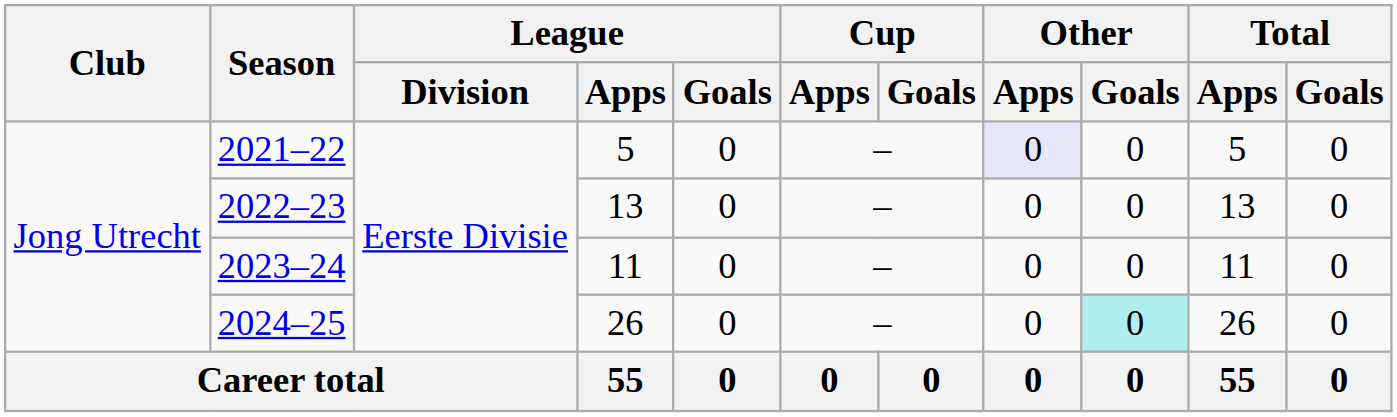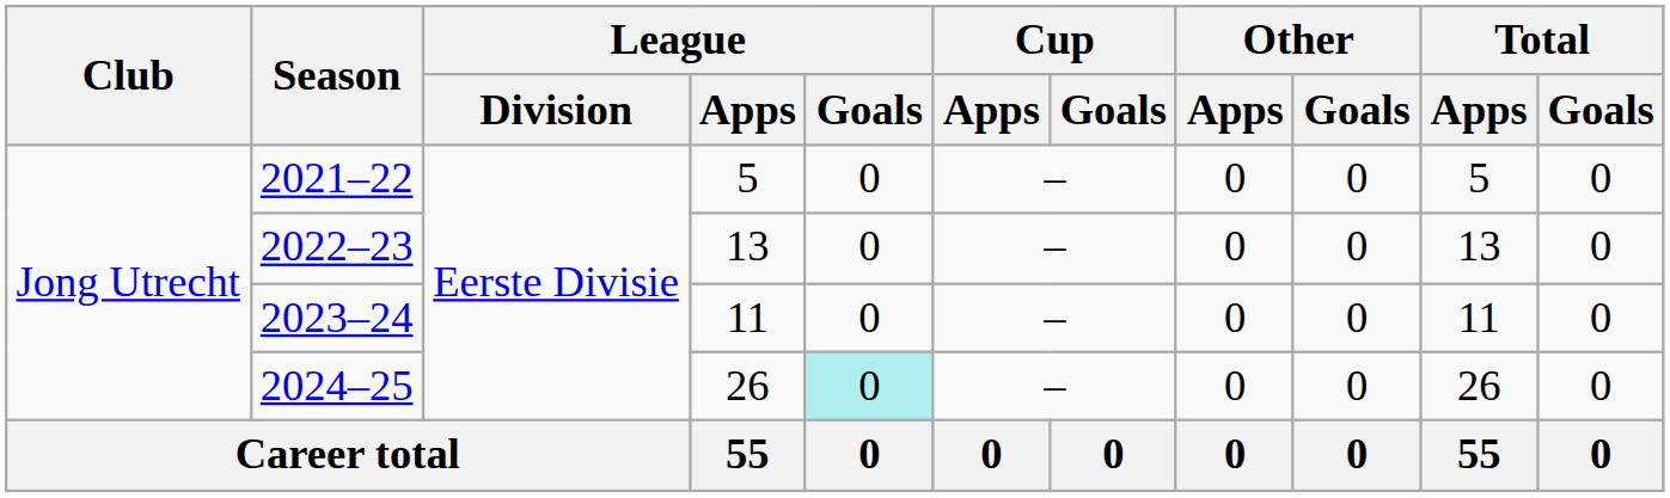 <table class="wikitable" style="text-align:center">
 <tr>
 <th rowspan="2">Club</th>
 <th rowspan="2">Season</th>
 <th colspan="3">League</th>
 <th colspan="2">Cup</th>
 <th colspan="2">Other</th>
 <th colspan="2">Total</th>
 </tr>
 <tr>
 <th>Division</th>
 <th>Apps</th>
 <th>Goals</th>
 <th>Apps</th>
 <th>Goals</th>
 <th>Apps</th>
 <th>Goals</th>
 <th>Apps</th>
 <th>Goals</th>
 </tr>
 <tr>
 <td rowspan="4"><a href='#'>Jong Utrecht</a></td>
 <td><a href='#'>2021–22</a></td>
 <td rowspan="4"><a href='#'>Eerste Divisie</a></td>
 <td>5</td>
 <td>0</td>
 <td colspan="2">–</td>
-<td style="background: lavender;">0</td>
+<td>0</td>
 <td>0</td>
 <td>5</td>
 <td>0</td>
 </tr>
 <tr>
 <td><a href='#'>2022–23</a></td>
 <td>13</td>
 <td>0</td>
 <td colspan="2">–</td>
 <td>0</td>
 <td>0</td>
 <td>13</td>
 <td>0</td>
 </tr>
 <tr>
 <td><a href='#'>2023–24</a></td>
 <td>11</td>
 <td>0</td>
 <td colspan="2">–</td>
 <td>0</td>
 <td>0</td>
 <td>11</td>
 <td>0</td>
 </tr>
 <tr>
 <td><a href='#'>2024–25</a></td>
 <td>26</td>
-<td>0</td>
+<td style="background: paleturquoise;">0</td>
 <td colspan="2">–</td>
 <td>0</td>
-<td style="background: paleturquoise;">0</td>
+<td>0</td>
 <td>26</td>
 <td>0</td>
 </tr>
 <tr>
 <th colspan="3">Career total</th>
 <th>55</th>
 <th>0</th>
 <th>0</th>
 <th>0</th>
 <th>0</th>
 <th>0</th>
 <th>55</th>
 <th>0</th>
 </tr>
 </table>
